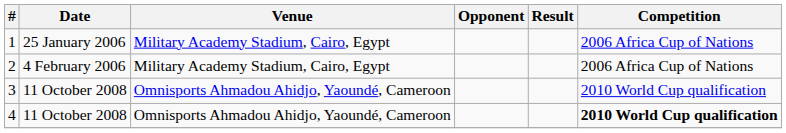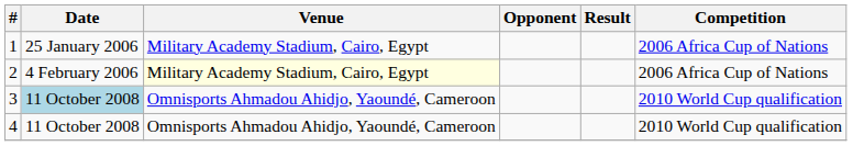 <table class="wikitable">
 <tr>
 <th>#</th>
 <th>Date</th>
 <th>Venue</th>
 <th>Opponent</th>
 <th>Result</th>
 <th>Competition</th>
 </tr>
 <tr>
 <td>1</td>
 <td>25 January 2006</td>
 <td><a href='#'>Military Academy Stadium</a>, <a href='#'>Cairo</a>, Egypt</td>
 <td></td>
 <td></td>
 <td><a href='#'>2006 Africa Cup of Nations</a></td>
 </tr>
 <tr>
 <td>2</td>
 <td>4 February 2006</td>
-<td>Military Academy Stadium, Cairo, Egypt</td>
+<td style="background: lightyellow;">Military Academy Stadium, Cairo, Egypt</td>
 <td></td>
 <td></td>
 <td>2006 Africa Cup of Nations</td>
 </tr>
 <tr>
 <td>3</td>
-<td>11 October 2008</td>
+<td style="background: lightblue;">11 October 2008</td>
 <td><a href='#'>Omnisports Ahmadou Ahidjo</a>, <a href='#'>Yaoundé</a>, Cameroon</td>
 <td></td>
 <td></td>
 <td><a href='#'>2010 World Cup qualification</a></td>
 </tr>
 <tr>
 <td>4</td>
 <td>11 October 2008</td>
 <td>Omnisports Ahmadou Ahidjo, Yaoundé, Cameroon</td>
 <td></td>
 <td></td>
-<td><strong>2010 World Cup qualification</strong></td>
+<td>2010 World Cup qualification</td>
 </tr>
 <tr>
 </tr>
 </table>
